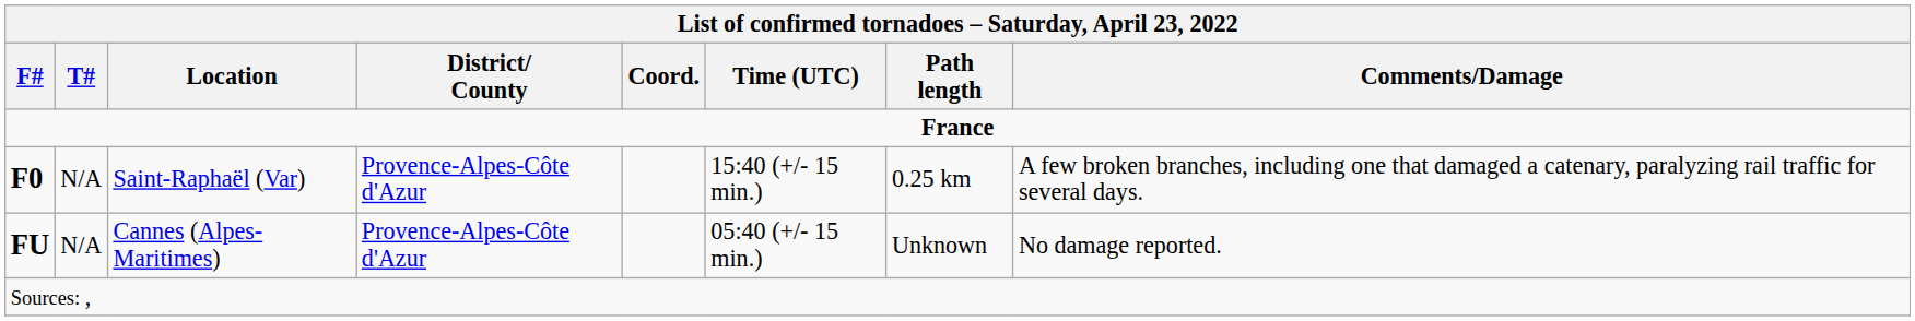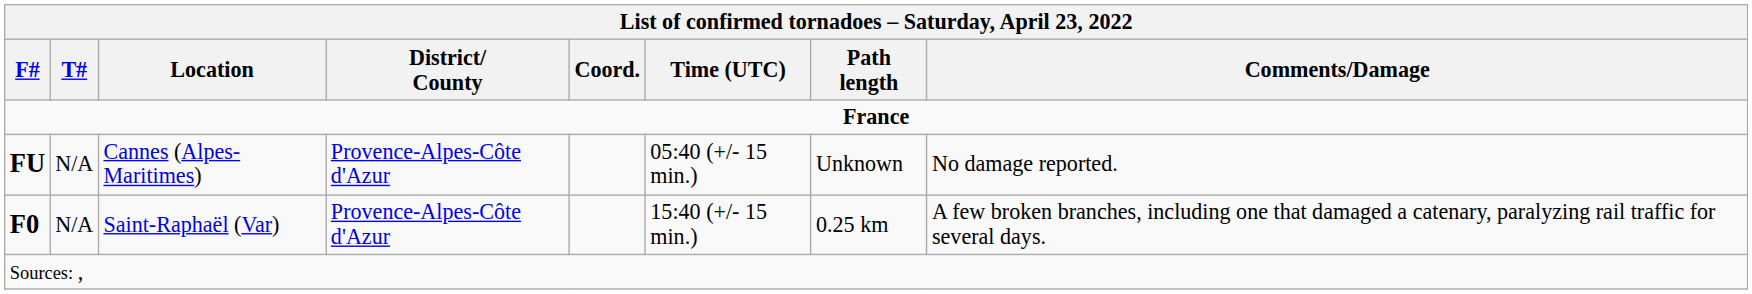 <table class="wikitable collapsible" width="100%">
 <tr>
 <th colspan="8">List of confirmed tornadoes – Saturday, April 23, 2022</th>
 </tr>
 <tr>
 <th><a href='#'>F#</a></th>
 <th><a href='#'>T#</a></th>
 <th>Location</th>
 <th>District/<br>County</th>
 <th>Coord.</th>
 <th>Time (UTC)</th>
 <th>Path length</th>
 <th>Comments/Damage</th>
 </tr>
 <tr>
 <td colspan="8" align=center><strong>France</strong></td>
 </tr>
 <tr>
+<td><big><strong>FU</strong></big></td>
+<td>N/A</td>
+<td><a href='#'>Cannes</a> (<a href='#'>Alpes-Maritimes</a>)</td>
+<td><a href='#'>Provence-Alpes-Côte d'Azur</a></td>
+<td></td>
+<td>05:40 (+/- 15 min.)</td>
+<td>Unknown</td>
+<td>No damage reported.</td>
+</tr>
+<tr>
 <td><big><strong>F0</strong></big></td>
 <td>N/A</td>
 <td><a href='#'>Saint-Raphaël</a> (<a href='#'>Var</a>)</td>
 <td><a href='#'>Provence-Alpes-Côte d'Azur</a></td>
 <td></td>
 <td>15:40 (+/- 15 min.)</td>
 <td>0.25 km</td>
 <td>A few broken branches, including one that damaged a catenary, paralyzing rail traffic for several days.</td>
 </tr>
 <tr>
-<td><big><strong>FU</strong></big></td>
-<td>N/A</td>
-<td><a href='#'>Cannes</a> (<a href='#'>Alpes-Maritimes</a>)</td>
-<td><a href='#'>Provence-Alpes-Côte d'Azur</a></td>
-<td></td>
-<td>05:40 (+/- 15 min.)</td>
-<td>Unknown</td>
-<td>No damage reported.</td>
-</tr>
-<tr>
 <td colspan="8"><small>Sources:  </small>, <small> </small></td>
 </tr>
 </table>
